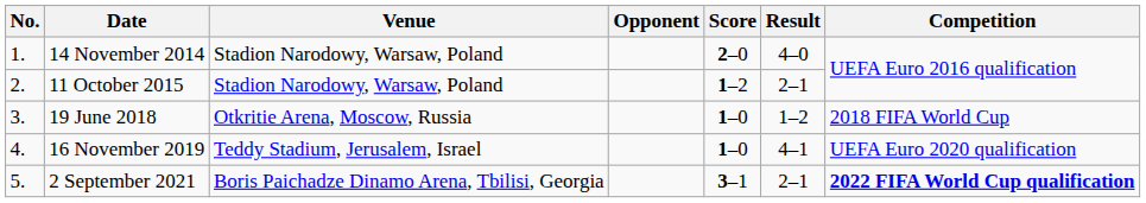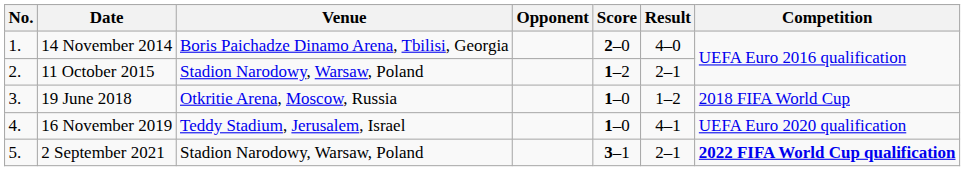 <table class=wikitable style="text-align: left;">
 <tr>
 <th>No.</th>
 <th>Date</th>
 <th>Venue</th>
 <th>Opponent</th>
 <th>Score</th>
 <th>Result</th>
 <th>Competition</th>
 </tr>
 <tr>
 <td>1.</td>
 <td>14 November 2014</td>
-<td>Stadion Narodowy, Warsaw, Poland</td>
+<td><a href='#'>Boris Paichadze Dinamo Arena</a>, <a href='#'>Tbilisi</a>, Georgia</td>
 <td></td>
 <td align=center><strong>2</strong>–0</td>
 <td align=center>4–0</td>
 <td rowspan=2><a href='#'>UEFA Euro 2016 qualification</a></td>
 </tr>
 <tr>
 <td>2.</td>
 <td>11 October 2015</td>
 <td><a href='#'>Stadion Narodowy</a>, <a href='#'>Warsaw</a>, Poland</td>
 <td></td>
 <td align=center><strong>1</strong>–2</td>
 <td align=center>2–1</td>
 </tr>
 <tr>
 <td>3.</td>
 <td>19 June 2018</td>
 <td><a href='#'>Otkritie Arena</a>, <a href='#'>Moscow</a>, Russia</td>
 <td></td>
 <td align=center><strong>1</strong>–0</td>
 <td align=center>1–2</td>
 <td><a href='#'>2018 FIFA World Cup</a></td>
 </tr>
 <tr>
 <td>4.</td>
 <td>16 November 2019</td>
 <td><a href='#'>Teddy Stadium</a>, <a href='#'>Jerusalem</a>, Israel</td>
 <td></td>
 <td align=center><strong>1</strong>–0</td>
 <td align=center>4–1</td>
 <td><a href='#'>UEFA Euro 2020 qualification</a></td>
 </tr>
 <tr>
 <td>5.</td>
 <td>2 September 2021</td>
-<td><a href='#'>Boris Paichadze Dinamo Arena</a>, <a href='#'>Tbilisi</a>, Georgia</td>
+<td>Stadion Narodowy, Warsaw, Poland</td>
 <td></td>
 <td align=center><strong>3</strong>–1</td>
 <td align=center>2–1</td>
 <td><strong><a href='#'>2022 FIFA World Cup qualification</a></strong></td>
 </tr>
 </table>
